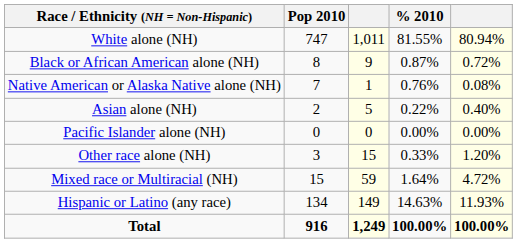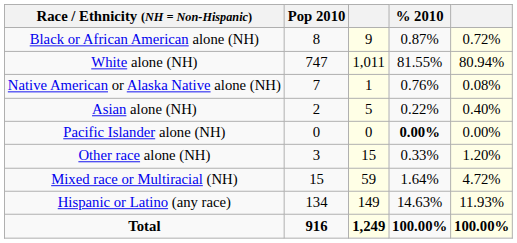 <table class="wikitable" style="text-align:center;">
 <tr>
 <th>Race / Ethnicity <small>(<em>NH = Non-Hispanic</em>)</small></th>
 <th>Pop 2010</th>
 <th></th>
 <th>% 2010</th>
 <th></th>
 </tr>
 <tr>
+<td><a href='#'>Black or African American</a> alone (NH)</td>
+<td>8</td>
+<td style='background: #ffffe6;'>9</td>
+<td>0.87%</td>
+<td style='background: #ffffe6;'>0.72%</td>
+</tr>
+<tr>
 <td><a href='#'>White</a> alone (NH)</td>
 <td>747</td>
 <td style='background: #ffffe6;'>1,011</td>
 <td>81.55%</td>
 <td style='background: #ffffe6;'>80.94%</td>
-</tr>
-<tr>
-<td><a href='#'>Black or African American</a> alone (NH)</td>
-<td>8</td>
-<td style='background: #ffffe6;'>9</td>
-<td>0.87%</td>
-<td style='background: #ffffe6;'>0.72%</td>
 </tr>
 <tr>
 <td><a href='#'>Native American</a> or <a href='#'>Alaska Native</a> alone (NH)</td>
 <td>7</td>
 <td style='background: #ffffe6;'>1</td>
 <td>0.76%</td>
 <td style='background: #ffffe6;'>0.08%</td>
 </tr>
 <tr>
 <td><a href='#'>Asian</a> alone (NH)</td>
 <td>2</td>
 <td style='background: #ffffe6;'>5</td>
 <td>0.22%</td>
 <td style='background: #ffffe6;'>0.40%</td>
 </tr>
 <tr>
 <td><a href='#'>Pacific Islander</a> alone (NH)</td>
 <td>0</td>
 <td style='background: #ffffe6;'>0</td>
-<td>0.00%</td>
+<td><strong>0.00%</strong></td>
 <td style='background: #ffffe6;'>0.00%</td>
 </tr>
 <tr>
 <td><a href='#'>Other race</a> alone (NH)</td>
 <td>3</td>
 <td style='background: #ffffe6;'>15</td>
 <td>0.33%</td>
 <td style='background: #ffffe6;'>1.20%</td>
 </tr>
 <tr>
 <td><a href='#'>Mixed race or Multiracial</a> (NH)</td>
 <td>15</td>
 <td style='background: #ffffe6;'>59</td>
 <td>1.64%</td>
 <td style='background: #ffffe6;'>4.72%</td>
 </tr>
 <tr>
 <td><a href='#'>Hispanic or Latino</a> (any race)</td>
 <td>134</td>
 <td style='background: #ffffe6;'>149</td>
 <td>14.63%</td>
 <td style='background: #ffffe6;'>11.93%</td>
 </tr>
 <tr>
 <td><strong>Total</strong></td>
 <td><strong>916</strong></td>
 <td style='background: #ffffe6;'><strong>1,249</strong></td>
 <td><strong>100.00%</strong></td>
 <td style='background: #ffffe6;'><strong>100.00%</strong></td>
 </tr>
 </table>
